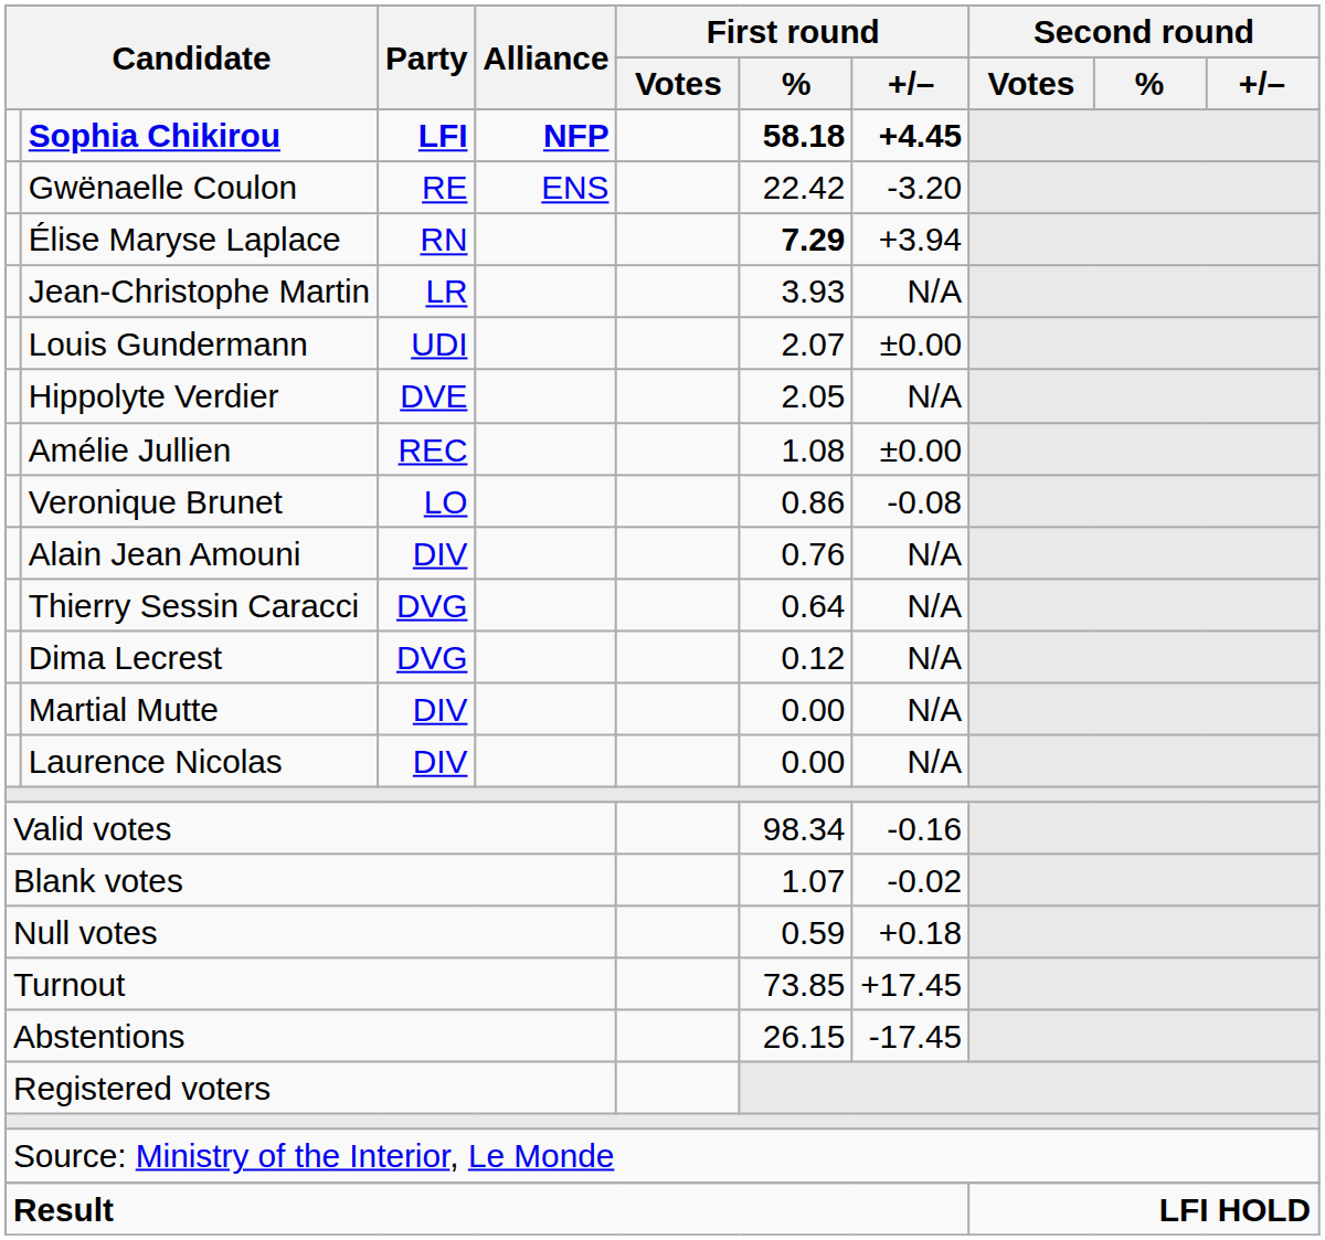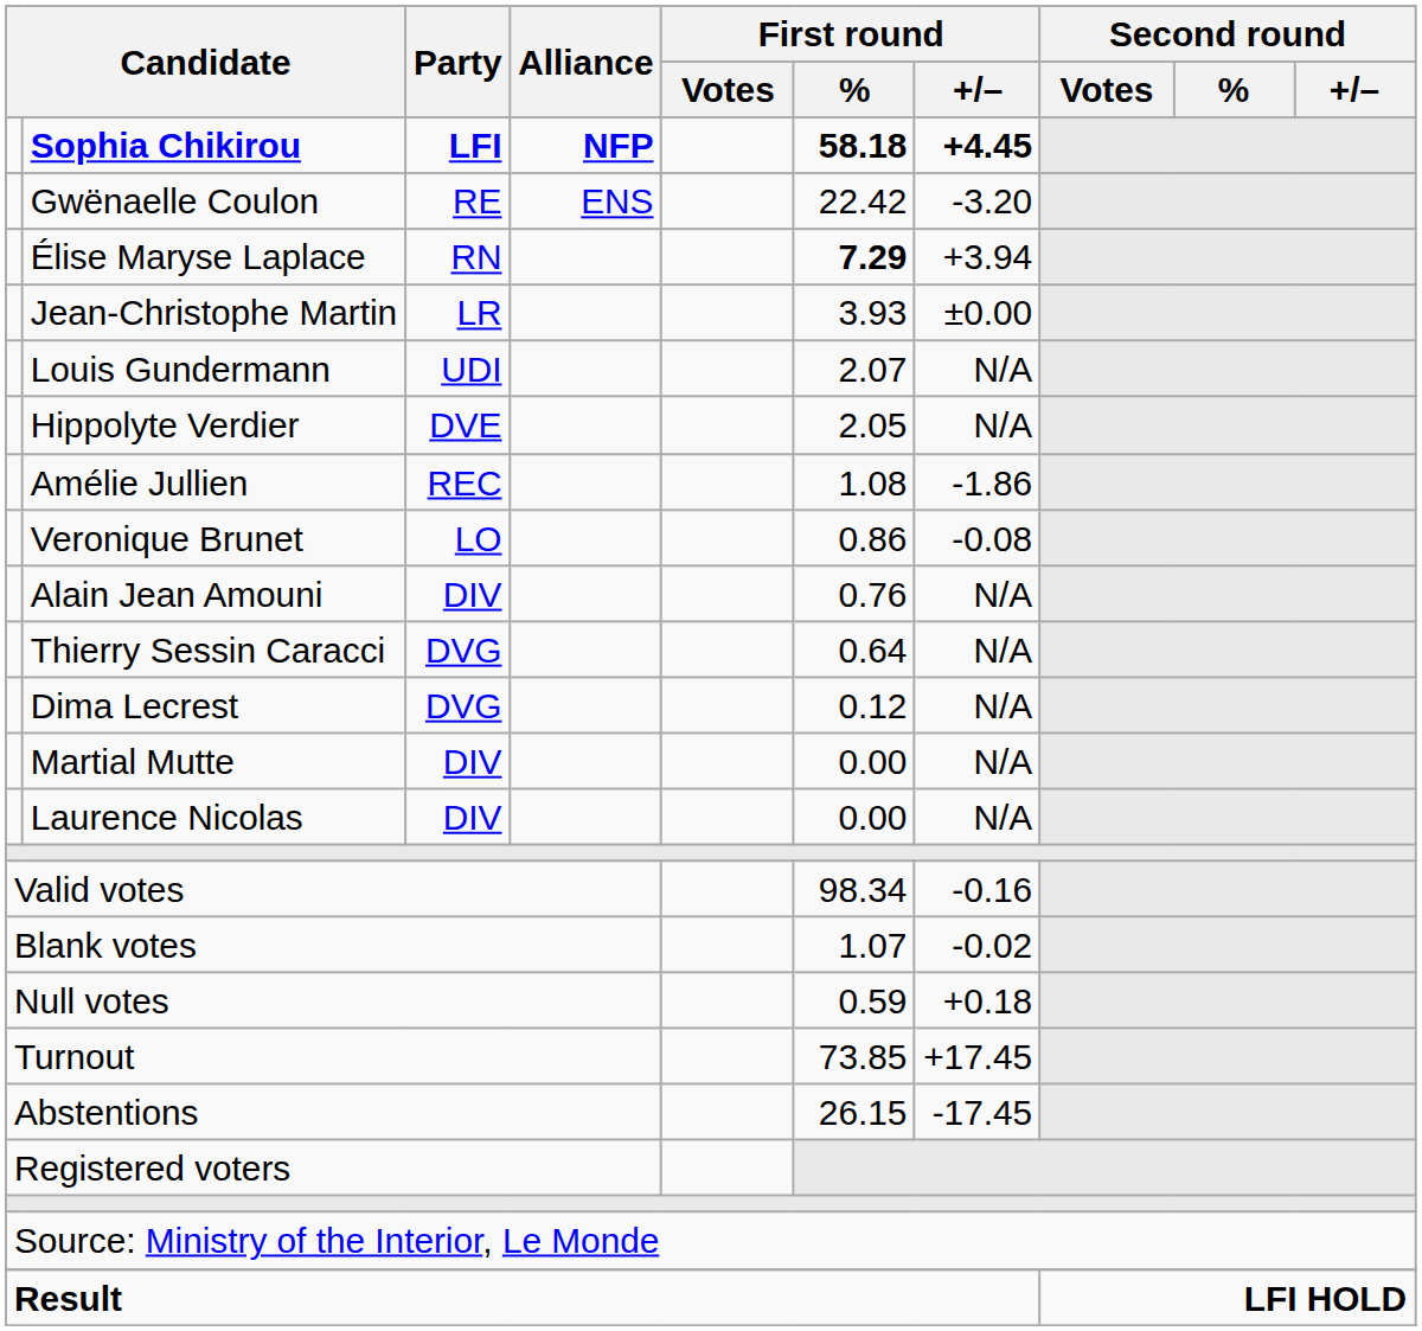 <table class="wikitable" style="text-align:right;font-size:95%;">
 <tr>
 <th rowspan="2" colspan="2">Candidate</th>
 <th rowspan="2">Party</th>
 <th rowspan="2">Alliance</th>
 <th colspan="3">First round</th>
 <th colspan="3">Second round</th>
 </tr>
 <tr>
 <th style="width:50px;">Votes</th>
 <th style="width:45px;">%</th>
 <th style="width:45px;">+/–</th>
 <th style="width:50px;">Votes</th>
 <th style="width:45px;">%</th>
 <th style="width:45px;">+/–</th>
 </tr>
 <tr>
 <td style="color:inherit;background:"></td>
 <td style="text-align:left;"><strong><a href='#'>Sophia Chikirou</a></strong></td>
 <td><a href='#'><strong>LFI</strong></a></td>
 <td><a href='#'><strong>NFP</strong></a></td>
 <td><strong></strong></td>
 <td><strong>58.18</strong></td>
 <td><strong>+4.45</strong></td>
 <td colspan="3" style="background:#E9E9E9;"></td>
 </tr>
 <tr>
 <td style="color:inherit;background:"></td>
 <td style="text-align:left;">Gwënaelle Coulon</td>
 <td><a href='#'>RE</a></td>
 <td><a href='#'>ENS</a></td>
 <td></td>
 <td>22.42</td>
 <td>-3.20</td>
 <td colspan="3" style="background:#E9E9E9;"></td>
 </tr>
 <tr>
 <td style="color:inherit;background:"></td>
 <td style="text-align:left;">Élise Maryse Laplace</td>
 <td><a href='#'>RN</a></td>
 <td></td>
 <td></td>
 <td><strong>7.29</strong></td>
 <td>+3.94</td>
 <td colspan="3" style="background:#E9E9E9;"></td>
 </tr>
 <tr>
 <td style="color:inherit;background:"></td>
 <td style="text-align:left;">Jean-Christophe Martin</td>
 <td><a href='#'>LR</a></td>
 <td></td>
 <td></td>
 <td>3.93</td>
-<td>N/A</td>
+<td>±0.00</td>
 <td colspan="3" style="background:#E9E9E9;"></td>
 </tr>
 <tr>
 <td style="color:inherit;background:"></td>
 <td style="text-align:left;">Louis Gundermann</td>
 <td><a href='#'>UDI</a></td>
 <td></td>
 <td></td>
 <td>2.07</td>
-<td>±0.00</td>
+<td>N/A</td>
 <td colspan="3" style="background:#E9E9E9;"></td>
 </tr>
 <tr>
 <td style="color:inherit;background:"></td>
 <td style="text-align:left;">Hippolyte Verdier</td>
 <td><a href='#'>DVE</a></td>
 <td></td>
 <td></td>
 <td>2.05</td>
 <td>N/A</td>
 <td colspan="3" style="background:#E9E9E9;"></td>
 </tr>
 <tr>
 <td style="color:inherit;background:"></td>
 <td style="text-align:left;">Amélie Jullien</td>
 <td><a href='#'>REC</a></td>
 <td></td>
 <td></td>
 <td>1.08</td>
-<td>±0.00</td>
+<td>-1.86</td>
 <td colspan="3" style="background:#E9E9E9;"></td>
 </tr>
 <tr>
 <td style="color:inherit;background:"></td>
 <td style="text-align:left;">Veronique Brunet</td>
 <td><a href='#'>LO</a></td>
 <td></td>
 <td></td>
 <td>0.86</td>
 <td>-0.08</td>
 <td colspan="3" style="background:#E9E9E9;"></td>
 </tr>
 <tr>
 <td style="color:inherit;background:"></td>
 <td style="text-align:left;">Alain Jean Amouni</td>
 <td><a href='#'>DIV</a></td>
 <td></td>
 <td></td>
 <td>0.76</td>
 <td>N/A</td>
 <td colspan="3" style="background:#E9E9E9;"></td>
 </tr>
 <tr>
 <td style="color:inherit;background:"></td>
 <td style="text-align:left;">Thierry Sessin Caracci</td>
 <td><a href='#'>DVG</a></td>
 <td></td>
 <td></td>
 <td>0.64</td>
 <td>N/A</td>
 <td colspan="3" style="background:#E9E9E9;"></td>
 </tr>
 <tr>
 <td style="color:inherit;background:"></td>
 <td style="text-align:left;">Dima Lecrest</td>
 <td><a href='#'>DVG</a></td>
 <td></td>
 <td></td>
 <td>0.12</td>
 <td>N/A</td>
 <td colspan="3" style="background:#E9E9E9;"></td>
 </tr>
 <tr>
 <td style="color:inherit;background:"></td>
 <td style="text-align:left;">Martial Mutte</td>
 <td><a href='#'>DIV</a></td>
 <td></td>
 <td></td>
 <td>0.00</td>
 <td>N/A</td>
 <td colspan="3" style="background:#E9E9E9;"></td>
 </tr>
 <tr>
 <td style="color:inherit;background:"></td>
 <td style="text-align:left;">Laurence Nicolas</td>
 <td><a href='#'>DIV</a></td>
 <td></td>
 <td></td>
 <td>0.00</td>
 <td>N/A</td>
 <td colspan="3" style="background:#E9E9E9;"></td>
 </tr>
 <tr>
 <td colspan="10" style="background:#E9E9E9;"></td>
 </tr>
 <tr>
 <td colspan="4" style="text-align:left;">Valid votes</td>
 <td></td>
 <td>98.34</td>
 <td>-0.16</td>
 <td colspan="3" style="background:#E9E9E9;"></td>
 </tr>
 <tr>
 <td colspan="4" style="text-align:left;">Blank votes</td>
 <td></td>
 <td>1.07</td>
 <td>-0.02</td>
 <td colspan="3" style="background:#E9E9E9;"></td>
 </tr>
 <tr>
 <td colspan="4" style="text-align:left;">Null votes</td>
 <td></td>
 <td>0.59</td>
 <td>+0.18</td>
 <td colspan="3" style="background:#E9E9E9;"></td>
 </tr>
 <tr>
 <td colspan="4" style="text-align:left;">Turnout</td>
 <td></td>
 <td>73.85</td>
 <td>+17.45</td>
 <td colspan="3" style="background:#E9E9E9;"></td>
 </tr>
 <tr>
 <td colspan="4" style="text-align:left;">Abstentions</td>
 <td></td>
 <td>26.15</td>
 <td>-17.45</td>
 <td colspan="3" style="background:#E9E9E9;"></td>
 </tr>
 <tr>
 <td colspan="4" style="text-align:left;">Registered voters</td>
 <td></td>
 <td colspan="5" style="background:#E9E9E9;"></td>
 </tr>
 <tr>
 <td colspan="10" style="background:#E9E9E9;"></td>
 </tr>
 <tr>
 <td colspan="10" style="text-align:left;">Source: <a href='#'>Ministry of the Interior</a>, <a href='#'>Le Monde</a></td>
 </tr>
 <tr>
 </tr>
 <tr style="font-weight:bold">
 <td colspan="7" style="text-align:left;">Result</td>
 <td colspan="7" style="background-color:">LFI HOLD</td>
 </tr>
 </table>
